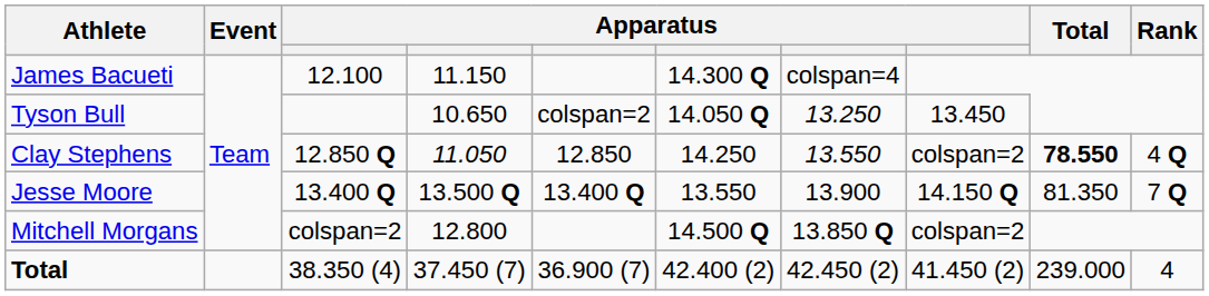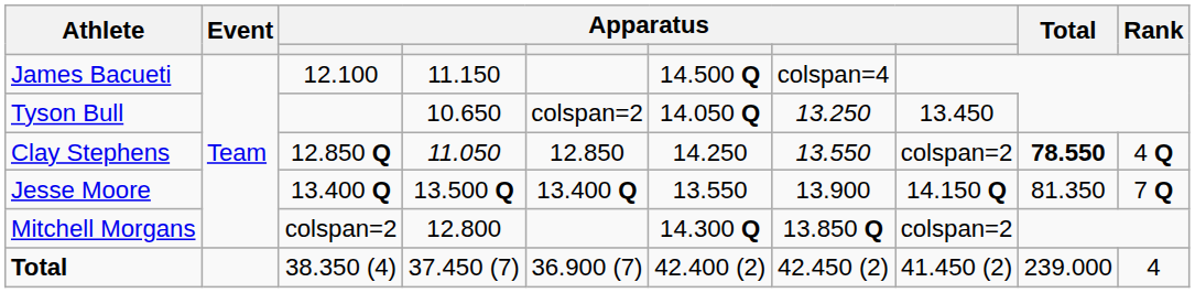 <table class=wikitable style=font-size:90%;text-align:center>
 <tr>
 <th rowspan=2>Athlete</th>
 <th rowspan=2>Event</th>
 <th colspan=6>Apparatus</th>
 <th rowspan=2>Total</th>
 <th rowspan=2>Rank</th>
 </tr>
 <tr style=font-size:95%>
 <th></th>
 <th></th>
 <th></th>
 <th></th>
 <th></th>
 <th></th>
 </tr>
 <tr>
 <td align=left><a href='#'>James Bacueti</a></td>
 <td align=left rowspan=5><a href='#'>Team</a></td>
 <td>12.100</td>
 <td>11.150</td>
 <td></td>
-<td>14.300 <strong>Q</strong></td>
+<td>14.500 <strong>Q</strong></td>
 <td>colspan=4 </td>
 </tr>
 <tr>
 <td align=left><a href='#'>Tyson Bull</a></td>
 <td></td>
 <td>10.650</td>
 <td>colspan=2 </td>
 <td>14.050 <strong>Q</strong></td>
 <td><em>13.250</em></td>
 <td>13.450</td>
 </tr>
 <tr>
 <td align=left><a href='#'>Clay Stephens</a></td>
 <td>12.850 <strong>Q</strong></td>
 <td><em>11.050</em></td>
 <td>12.850</td>
 <td>14.250</td>
 <td><em>13.550</em></td>
 <td>colspan=2 </td>
 <td><strong>78.550</strong></td>
 <td>4 <strong>Q</strong></td>
 </tr>
 <tr>
 <td align=left><a href='#'>Jesse Moore</a></td>
 <td>13.400 <strong>Q</strong></td>
 <td>13.500 <strong>Q</strong></td>
 <td>13.400 <strong>Q</strong></td>
 <td>13.550</td>
 <td>13.900</td>
 <td>14.150 <strong>Q</strong></td>
 <td>81.350</td>
 <td>7 <strong>Q</strong></td>
 </tr>
 <tr>
 <td align=left><a href='#'>Mitchell Morgans</a></td>
 <td>colspan=2 </td>
 <td>12.800</td>
 <td></td>
-<td>14.500 <strong>Q</strong></td>
+<td>14.300 <strong>Q</strong></td>
 <td>13.850 <strong>Q</strong></td>
 <td>colspan=2 </td>
 </tr>
 <tr>
 <td align=left><strong>Total</strong></td>
 <td></td>
 <td>38.350 (4)</td>
 <td>37.450 (7)</td>
 <td>36.900 (7)</td>
 <td>42.400 (2)</td>
 <td>42.450 (2)</td>
 <td>41.450 (2)</td>
 <td>239.000</td>
 <td>4</td>
 </tr>
 </table>
